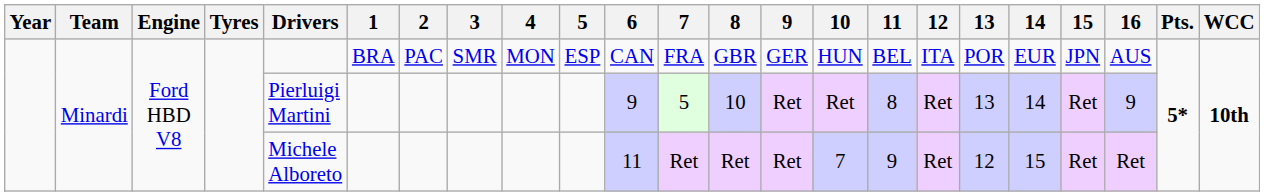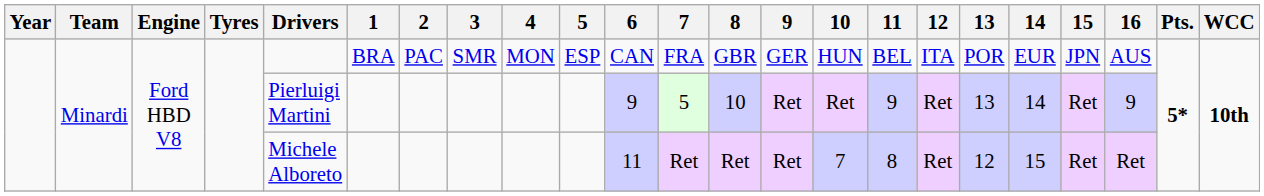 <table class="wikitable" style="text-align:center; font-size:95%">
 <tr>
 <th>Year</th>
 <th>Team</th>
 <th>Engine</th>
 <th>Tyres</th>
 <th>Drivers</th>
 <th>1</th>
 <th>2</th>
 <th>3</th>
 <th>4</th>
 <th>5</th>
 <th>6</th>
 <th>7</th>
 <th>8</th>
 <th>9</th>
 <th>10</th>
 <th>11</th>
 <th>12</th>
 <th>13</th>
 <th>14</th>
 <th>15</th>
 <th>16</th>
 <th>Pts.</th>
 <th>WCC</th>
 </tr>
 <tr>
 <td rowspan="3"></td>
 <td rowspan="3"><a href='#'>Minardi</a></td>
 <td rowspan="3"><a href='#'>Ford</a> HBD<br><a href='#'>V8</a></td>
 <td rowspan="3"></td>
 <td></td>
 <td><a href='#'>BRA</a></td>
 <td><a href='#'>PAC</a></td>
 <td><a href='#'>SMR</a></td>
 <td><a href='#'>MON</a></td>
 <td><a href='#'>ESP</a></td>
 <td><a href='#'>CAN</a></td>
 <td><a href='#'>FRA</a></td>
 <td><a href='#'>GBR</a></td>
 <td><a href='#'>GER</a></td>
 <td><a href='#'>HUN</a></td>
 <td><a href='#'>BEL</a></td>
 <td><a href='#'>ITA</a></td>
 <td><a href='#'>POR</a></td>
 <td><a href='#'>EUR</a></td>
 <td><a href='#'>JPN</a></td>
 <td><a href='#'>AUS</a></td>
 <td rowspan="3"><strong>5*</strong></td>
 <td rowspan="3"><strong>10th</strong></td>
 </tr>
 <tr>
 <td align="left"><a href='#'>Pierluigi Martini</a></td>
 <td></td>
 <td></td>
 <td></td>
 <td></td>
 <td></td>
 <td style="background:#cfcfff;">9</td>
 <td style="background:#dfffdf;">5</td>
 <td style="background:#cfcfff;">10</td>
 <td style="background:#efcfff;">Ret</td>
 <td style="background:#efcfff;">Ret</td>
-<td style="background:#cfcfff;">8</td>
+<td style="background:#cfcfff;">9</td>
 <td style="background:#efcfff;">Ret</td>
 <td style="background:#cfcfff;">13</td>
 <td style="background:#cfcfff;">14</td>
 <td style="background:#efcfff;">Ret</td>
 <td style="background:#cfcfff;">9</td>
 </tr>
 <tr>
 <td align="left"><a href='#'>Michele Alboreto</a></td>
 <td></td>
 <td></td>
 <td></td>
 <td></td>
 <td></td>
 <td style="background:#cfcfff;">11</td>
 <td style="background:#efcfff;">Ret</td>
 <td style="background:#efcfff;">Ret</td>
 <td style="background:#efcfff;">Ret</td>
 <td style="background:#cfcfff;">7</td>
-<td style="background:#cfcfff;">9</td>
+<td style="background:#cfcfff;">8</td>
 <td style="background:#efcfff;">Ret</td>
 <td style="background:#cfcfff;">12</td>
 <td style="background:#cfcfff;">15</td>
 <td style="background:#efcfff;">Ret</td>
 <td style="background:#efcfff;">Ret</td>
 </tr>
 </table>
